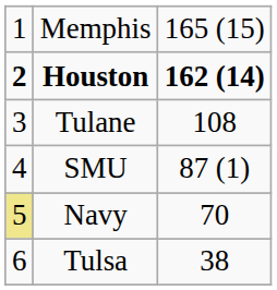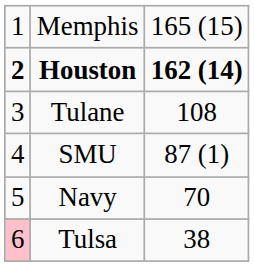 <table class="wikitable" style="display: inline-table;">
 <tr align="center">
 <td>1</td>
 <td>Memphis</td>
 <td>165 (15)</td>
 </tr>
 <tr align="center">
 <td><strong>2</strong></td>
 <td><strong>Houston</strong></td>
 <td><strong>162 (14)</strong></td>
 </tr>
 <tr align="center">
 <td>3</td>
 <td>Tulane</td>
 <td>108</td>
 </tr>
 <tr align="center">
 <td>4</td>
 <td>SMU</td>
 <td>87 (1)</td>
 </tr>
 <tr align="center">
-<td style="background: khaki;">5</td>
+<td>5</td>
 <td>Navy</td>
 <td>70</td>
 </tr>
 <tr align="center">
-<td>6</td>
+<td style="background: pink;">6</td>
 <td>Tulsa</td>
 <td>38</td>
 </tr>
 </table>
